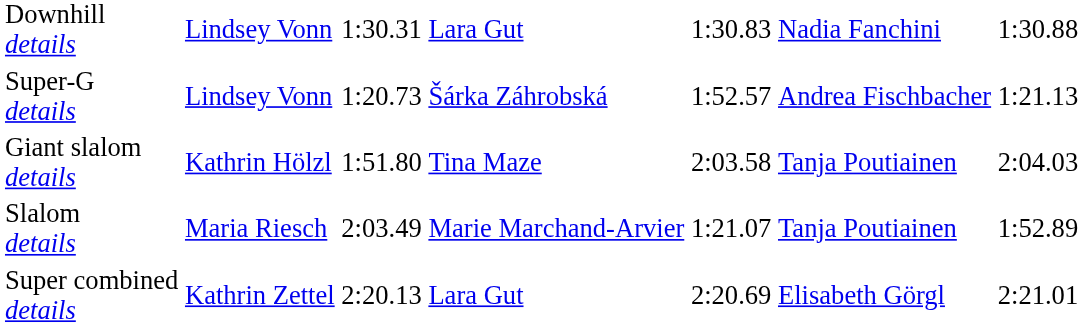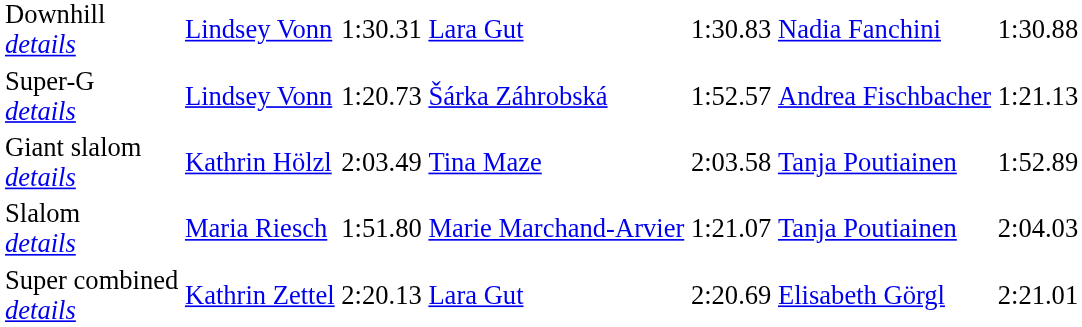 <table>
 <tr>
 <td>Downhill<br><a href='#'><em>details</em></a></td>
 <td><a href='#'>Lindsey Vonn</a><br></td>
 <td>1:30.31</td>
 <td><a href='#'>Lara Gut</a><br></td>
 <td>1:30.83</td>
 <td><a href='#'>Nadia Fanchini</a><br></td>
 <td>1:30.88</td>
 </tr>
 <tr>
 <td>Super-G<br><a href='#'><em>details</em></a></td>
 <td><a href='#'>Lindsey Vonn</a><br></td>
 <td>1:20.73</td>
 <td><a href='#'>Šárka Záhrobská</a><br></td>
 <td>1:52.57</td>
 <td><a href='#'>Andrea Fischbacher</a><br></td>
 <td>1:21.13</td>
 </tr>
 <tr>
 <td>Giant slalom<br><a href='#'><em>details</em></a></td>
 <td><a href='#'>Kathrin Hölzl</a><br></td>
-<td>1:51.80</td>
+<td>2:03.49</td>
 <td><a href='#'>Tina Maze</a><br></td>
 <td>2:03.58</td>
 <td><a href='#'>Tanja Poutiainen</a><br></td>
-<td>2:04.03</td>
+<td>1:52.89</td>
 </tr>
 <tr>
 <td>Slalom<br><a href='#'><em>details</em></a></td>
 <td><a href='#'>Maria Riesch</a><br></td>
-<td>2:03.49</td>
+<td>1:51.80</td>
 <td><a href='#'>Marie Marchand-Arvier</a><br></td>
 <td>1:21.07</td>
 <td><a href='#'>Tanja Poutiainen</a><br></td>
-<td>1:52.89</td>
+<td>2:04.03</td>
 </tr>
 <tr>
 <td>Super combined<br><a href='#'><em>details</em></a></td>
 <td><a href='#'>Kathrin Zettel</a><br></td>
 <td>2:20.13</td>
 <td><a href='#'>Lara Gut</a><br></td>
 <td>2:20.69</td>
 <td><a href='#'>Elisabeth Görgl</a><br></td>
 <td>2:21.01</td>
 </tr>
 </table>
